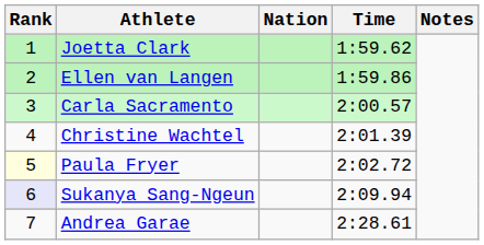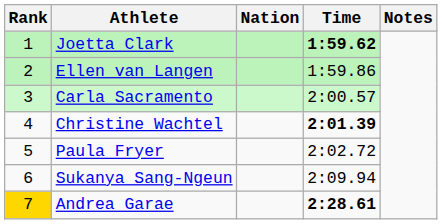 <table class="wikitable sortable" style="text-align:center">
 <tr>
 <th>Rank</th>
 <th>Athlete</th>
 <th>Nation</th>
 <th>Time</th>
 <th>Notes</th>
 </tr>
 <tr style="background:#bbf3bb;">
 <td>1</td>
 <td align=left><a href='#'>Joetta Clark</a></td>
 <td align=left></td>
-<td>1:59.62</td>
+<td><strong>1:59.62</strong></td>
 </tr>
 <tr style="background:#bbf3bb;">
 <td>2</td>
 <td align=left><a href='#'>Ellen van Langen</a></td>
 <td align=left></td>
 <td>1:59.86</td>
 </tr>
 <tr style="background:#ccf9cc;">
 <td>3</td>
 <td align=left><a href='#'>Carla Sacramento</a></td>
 <td align=left></td>
 <td>2:00.57</td>
 </tr>
 <tr>
 <td>4</td>
 <td align=left><a href='#'>Christine Wachtel</a></td>
 <td align=left></td>
-<td>2:01.39</td>
+<td><strong>2:01.39</strong></td>
 </tr>
 <tr>
-<td style="background: lightyellow;">5</td>
+<td>5</td>
 <td align=left><a href='#'>Paula Fryer</a></td>
 <td align=left></td>
 <td>2:02.72</td>
 </tr>
 <tr>
-<td style="background: lavender;">6</td>
+<td>6</td>
 <td align=left><a href='#'>Sukanya Sang-Ngeun</a></td>
 <td align=left></td>
 <td>2:09.94</td>
 </tr>
 <tr>
-<td>7</td>
+<td style="background: gold;">7</td>
 <td align=left><a href='#'>Andrea Garae</a></td>
 <td align=left></td>
-<td>2:28.61</td>
+<td><strong>2:28.61</strong></td>
 </tr>
 </table>
